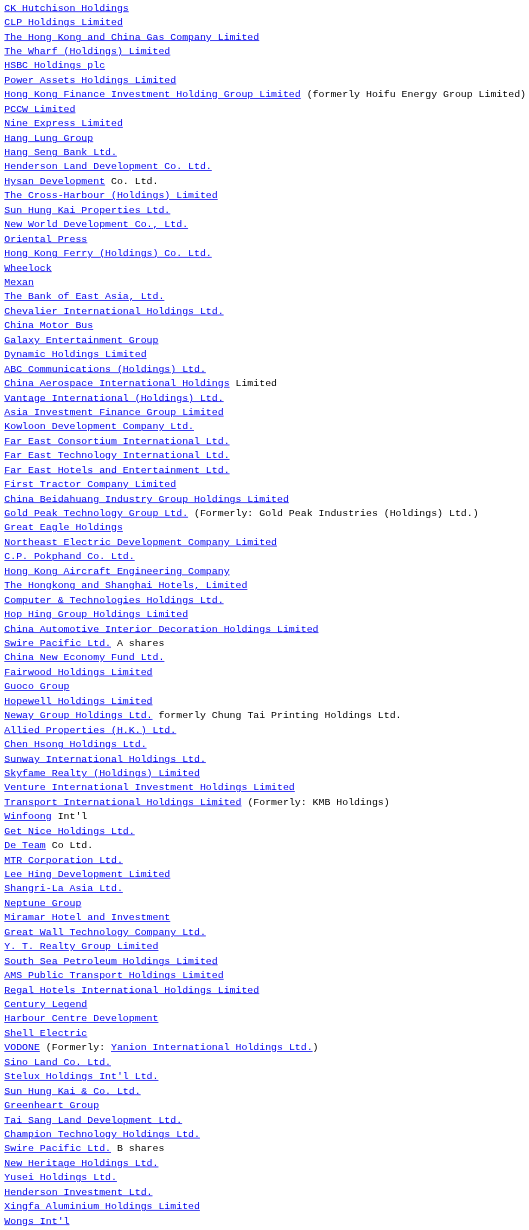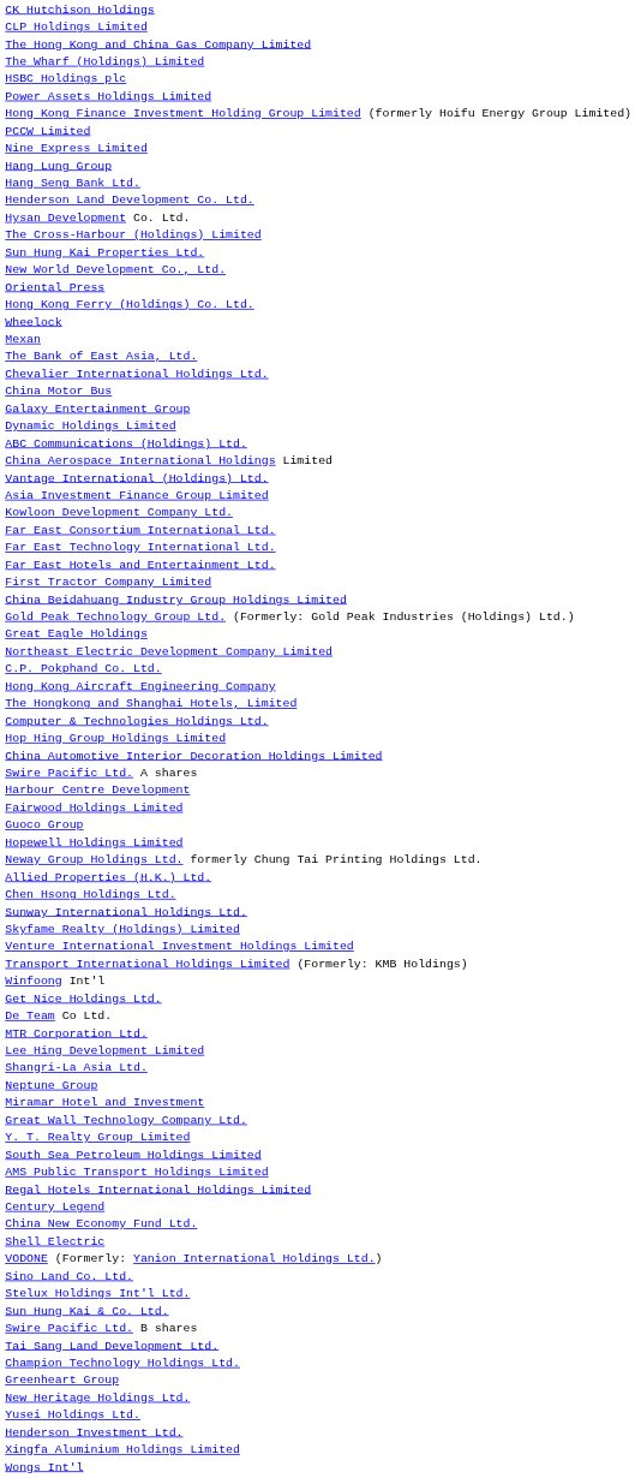 <table>
 <tr>
 <td> <a href='#'>CK Hutchison Holdings</a></td>
 </tr>
 <tr>
 <td> <a href='#'>CLP Holdings Limited</a></td>
 </tr>
 <tr>
 <td> <a href='#'>The Hong Kong and China Gas Company Limited</a></td>
 </tr>
 <tr>
 <td> <a href='#'>The Wharf (Holdings) Limited</a></td>
 </tr>
 <tr>
 <td> <a href='#'>HSBC Holdings plc</a></td>
 </tr>
 <tr>
 <td> <a href='#'>Power Assets Holdings Limited</a></td>
 </tr>
 <tr>
 <td> <a href='#'>Hong Kong Finance Investment Holding Group Limited</a> (formerly Hoifu Energy Group Limited)</td>
 </tr>
 <tr>
 <td> <a href='#'>PCCW Limited</a></td>
 </tr>
 <tr>
 <td> <a href='#'>Nine Express Limited</a></td>
 </tr>
 <tr>
 <td> <a href='#'>Hang Lung Group</a></td>
 </tr>
 <tr>
 <td> <a href='#'>Hang Seng Bank Ltd.</a></td>
 </tr>
 <tr>
 <td> <a href='#'>Henderson Land Development Co. Ltd.</a></td>
 </tr>
 <tr>
 <td> <a href='#'>Hysan Development</a> Co. Ltd.</td>
 </tr>
 <tr>
 <td> <a href='#'>The Cross-Harbour (Holdings) Limited</a></td>
 </tr>
 <tr>
 <td> <a href='#'>Sun Hung Kai Properties Ltd.</a></td>
 </tr>
 <tr>
 <td> <a href='#'>New World Development Co., Ltd.</a></td>
 </tr>
 <tr>
 <td> <a href='#'>Oriental Press</a></td>
 </tr>
 <tr>
 <td> <a href='#'>Hong Kong Ferry (Holdings) Co. Ltd.</a></td>
 </tr>
 <tr>
 <td> <a href='#'>Wheelock</a></td>
 </tr>
 <tr>
 <td> <a href='#'>Mexan</a></td>
 </tr>
 <tr>
 <td> <a href='#'>The Bank of East Asia, Ltd.</a></td>
 </tr>
 <tr>
 <td> <a href='#'>Chevalier International Holdings Ltd.</a></td>
 </tr>
 <tr>
 <td> <a href='#'>China Motor Bus</a></td>
 </tr>
 <tr>
 <td> <a href='#'>Galaxy Entertainment Group</a></td>
 </tr>
 <tr>
 <td> <a href='#'>Dynamic Holdings Limited</a></td>
 </tr>
 <tr>
 <td> <a href='#'>ABC Communications (Holdings) Ltd.</a></td>
 </tr>
 <tr>
 <td> <a href='#'>China Aerospace International Holdings</a> Limited</td>
 </tr>
 <tr>
 <td> <a href='#'>Vantage International (Holdings) Ltd.</a></td>
 </tr>
 <tr>
 <td> <a href='#'>Asia Investment Finance Group Limited</a></td>
 </tr>
 <tr>
 <td> <a href='#'>Kowloon Development Company Ltd.</a></td>
 </tr>
 <tr>
 <td> <a href='#'>Far East Consortium International Ltd.</a></td>
 </tr>
 <tr>
 <td> <a href='#'>Far East Technology International Ltd.</a></td>
 </tr>
 <tr>
 <td> <a href='#'>Far East Hotels and Entertainment Ltd.</a></td>
 </tr>
 <tr>
 <td> <a href='#'>First Tractor Company Limited</a></td>
 </tr>
 <tr>
 <td> <a href='#'>China Beidahuang Industry Group Holdings Limited</a></td>
 </tr>
 <tr>
 <td> <a href='#'>Gold Peak Technology Group Ltd.</a> (Formerly: Gold Peak Industries (Holdings) Ltd.)</td>
 </tr>
 <tr>
 <td> <a href='#'>Great Eagle Holdings</a></td>
 </tr>
 <tr>
 <td> <a href='#'>Northeast Electric Development Company Limited</a></td>
 </tr>
 <tr>
 <td> <a href='#'>C.P. Pokphand Co. Ltd.</a></td>
 </tr>
 <tr>
 <td> <a href='#'>Hong Kong Aircraft Engineering Company</a></td>
 </tr>
 <tr>
 <td> <a href='#'>The Hongkong and Shanghai Hotels, Limited</a></td>
 </tr>
 <tr>
 <td> <a href='#'>Computer & Technologies Holdings Ltd.</a></td>
 </tr>
 <tr>
 <td> <a href='#'>Hop Hing Group Holdings Limited</a></td>
 </tr>
 <tr>
 <td> <a href='#'>China Automotive Interior Decoration Holdings Limited</a></td>
 </tr>
 <tr>
 <td> <a href='#'>Swire Pacific Ltd.</a> A shares</td>
 </tr>
 <tr>
-<td> <a href='#'>China New Economy Fund Ltd.</a></td>
+<td> <a href='#'>Harbour Centre Development</a></td>
 </tr>
 <tr>
 <td> <a href='#'>Fairwood Holdings Limited</a></td>
 </tr>
 <tr>
 <td> <a href='#'>Guoco Group</a></td>
 </tr>
 <tr>
 <td> <a href='#'>Hopewell Holdings Limited</a></td>
 </tr>
 <tr>
 <td> <a href='#'>Neway Group Holdings Ltd.</a> formerly Chung Tai Printing Holdings Ltd.</td>
 </tr>
 <tr>
 <td> <a href='#'>Allied Properties (H.K.) Ltd.</a></td>
 </tr>
 <tr>
 <td> <a href='#'>Chen Hsong Holdings Ltd.</a></td>
 </tr>
 <tr>
 <td> <a href='#'>Sunway International Holdings Ltd.</a></td>
 </tr>
 <tr>
 <td> <a href='#'>Skyfame Realty (Holdings) Limited</a></td>
 </tr>
 <tr>
 <td> <a href='#'>Venture International Investment Holdings Limited</a></td>
 </tr>
 <tr>
 <td> <a href='#'>Transport International Holdings Limited</a> (Formerly: KMB Holdings)</td>
 </tr>
 <tr>
 <td> <a href='#'>Winfoong</a> Int'l</td>
 </tr>
 <tr>
 <td> <a href='#'>Get Nice Holdings Ltd.</a></td>
 </tr>
 <tr>
 <td> <a href='#'>De Team</a> Co Ltd.</td>
 </tr>
 <tr>
 <td> <a href='#'>MTR Corporation Ltd.</a></td>
 </tr>
 <tr>
 <td> <a href='#'>Lee Hing Development Limited</a></td>
 </tr>
 <tr>
 <td> <a href='#'>Shangri-La Asia Ltd.</a></td>
 </tr>
 <tr>
 <td> <a href='#'>Neptune Group</a></td>
 </tr>
 <tr>
 <td> <a href='#'>Miramar Hotel and Investment</a></td>
 </tr>
 <tr>
 <td> <a href='#'>Great Wall Technology Company Ltd.</a></td>
 </tr>
 <tr>
 <td> <a href='#'>Y. T. Realty Group Limited</a></td>
 </tr>
 <tr>
 <td> <a href='#'>South Sea Petroleum Holdings Limited</a></td>
 </tr>
 <tr>
 <td> <a href='#'>AMS Public Transport Holdings Limited</a></td>
 </tr>
 <tr>
 <td> <a href='#'>Regal Hotels International Holdings Limited</a></td>
 </tr>
 <tr>
 <td> <a href='#'>Century Legend</a></td>
 </tr>
 <tr>
-<td> <a href='#'>Harbour Centre Development</a></td>
+<td> <a href='#'>China New Economy Fund Ltd.</a></td>
 </tr>
 <tr>
 <td> <a href='#'>Shell Electric</a></td>
 </tr>
 <tr>
 <td> <a href='#'>VODONE</a> (Formerly: <a href='#'>Yanion International Holdings Ltd.</a>)</td>
 </tr>
 <tr>
 <td> <a href='#'>Sino Land Co. Ltd.</a></td>
 </tr>
 <tr>
 <td> <a href='#'>Stelux Holdings Int'l Ltd.</a></td>
 </tr>
 <tr>
 <td> <a href='#'>Sun Hung Kai & Co. Ltd.</a></td>
 </tr>
 <tr>
-<td> <a href='#'>Greenheart Group</a></td>
+<td> <a href='#'>Swire Pacific Ltd.</a> B shares</td>
 </tr>
 <tr>
 <td> <a href='#'>Tai Sang Land Development Ltd.</a></td>
 </tr>
 <tr>
 <td> <a href='#'>Champion Technology Holdings Ltd.</a></td>
 </tr>
 <tr>
-<td> <a href='#'>Swire Pacific Ltd.</a> B shares</td>
+<td> <a href='#'>Greenheart Group</a></td>
 </tr>
 <tr>
 <td> <a href='#'>New Heritage Holdings Ltd.</a></td>
 </tr>
 <tr>
 <td> <a href='#'>Yusei Holdings Ltd.</a></td>
 </tr>
 <tr>
 <td> <a href='#'>Henderson Investment Ltd.</a></td>
 </tr>
 <tr>
 <td> <a href='#'>Xingfa Aluminium Holdings Limited</a></td>
 </tr>
 <tr>
 <td> <a href='#'>Wongs Int'l</a></td>
 </tr>
 </table>
